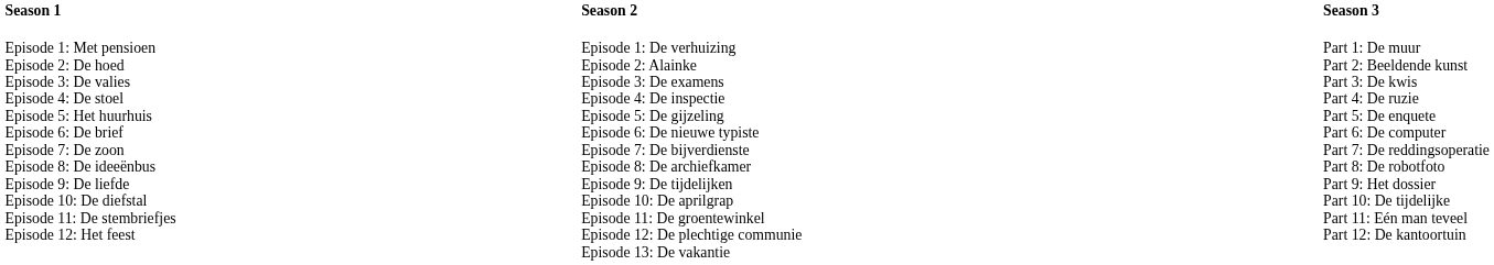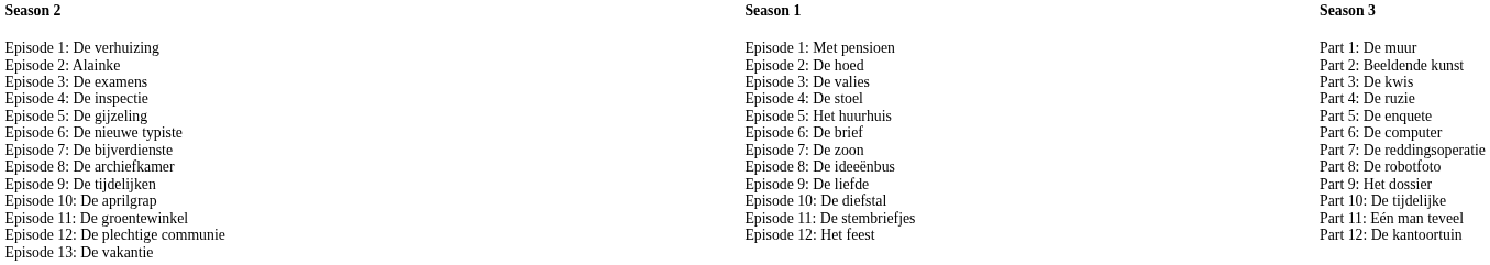 <table width="100%">
 <tr>
+<th align="left">Season 2</th>
 <th align="left">Season 1</th>
-<th align="left">Season 2</th>
 <th align="left">Season 3</th>
 </tr>
 <tr>
+<td valign="top"><br>Episode 1: De verhuizing<br> Episode 2: Alainke<br> Episode 3: De examens<br> Episode 4: De inspectie<br> Episode 5: De gijzeling<br> Episode 6: De nieuwe typiste<br> Episode 7: De bijverdienste<br> Episode 8: De archiefkamer<br> Episode 9: De tijdelijken<br> Episode 10: De aprilgrap<br> Episode 11: De groentewinkel<br> Episode 12: De plechtige communie<br> Episode 13: De vakantie<br></td>
 <td valign="top"><br>Episode 1: Met pensioen<br> Episode 2: De hoed<br> Episode 3: De valies<br> Episode 4: De stoel<br> Episode 5: Het huurhuis<br> Episode 6: De brief<br> Episode 7: De zoon<br> Episode 8: De ideeënbus<br> Episode 9: De liefde<br> Episode 10: De diefstal<br> Episode 11: De stembriefjes<br> Episode 12: Het feest</td>
-<td valign="top"><br>Episode 1: De verhuizing<br> Episode 2: Alainke<br> Episode 3: De examens<br> Episode 4: De inspectie<br> Episode 5: De gijzeling<br> Episode 6: De nieuwe typiste<br> Episode 7: De bijverdienste<br> Episode 8: De archiefkamer<br> Episode 9: De tijdelijken<br> Episode 10: De aprilgrap<br> Episode 11: De groentewinkel<br> Episode 12: De plechtige communie<br> Episode 13: De vakantie<br></td>
 <td valign="top"><br>Part 1: De muur<br> Part 2: Beeldende kunst<br> Part 3: De kwis<br> Part 4: De ruzie<br> Part 5: De enquete<br> Part 6: De computer<br> Part 7: De reddingsoperatie<br> Part 8: De robotfoto<br> Part 9: Het dossier<br> Part 10: De tijdelijke<br> Part 11: Eén man teveel<br> Part 12: De kantoortuin<br></td>
 </tr>
 </table>
